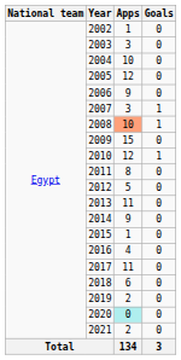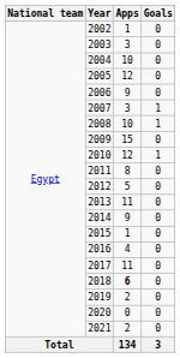 <table class="wikitable" style="text-align:center">
 <tr>
 <th>National team</th>
 <th>Year</th>
 <th>Apps</th>
 <th>Goals</th>
 </tr>
 <tr>
 <td rowspan="20"><a href='#'>Egypt</a></td>
 <td>2002</td>
 <td>1</td>
 <td>0</td>
 </tr>
 <tr>
 <td>2003</td>
 <td>3</td>
 <td>0</td>
 </tr>
 <tr>
 <td>2004</td>
 <td>10</td>
 <td>0</td>
 </tr>
 <tr>
 <td>2005</td>
 <td>12</td>
 <td>0</td>
 </tr>
 <tr>
 <td>2006</td>
 <td>9</td>
 <td>0</td>
 </tr>
 <tr>
 <td>2007</td>
 <td>3</td>
 <td>1</td>
 </tr>
 <tr>
 <td>2008</td>
-<td style="background: lightsalmon;">10</td>
+<td>10</td>
 <td>1</td>
 </tr>
 <tr>
 <td>2009</td>
 <td>15</td>
 <td>0</td>
 </tr>
 <tr>
 <td>2010</td>
 <td>12</td>
 <td>1</td>
 </tr>
 <tr>
 <td>2011</td>
 <td>8</td>
 <td>0</td>
 </tr>
 <tr>
 <td>2012</td>
 <td>5</td>
 <td>0</td>
 </tr>
 <tr>
 <td>2013</td>
 <td>11</td>
 <td>0</td>
 </tr>
 <tr>
 <td>2014</td>
 <td>9</td>
 <td>0</td>
 </tr>
 <tr>
 <td>2015</td>
 <td>1</td>
 <td>0</td>
 </tr>
 <tr>
 <td>2016</td>
 <td>4</td>
 <td>0</td>
 </tr>
 <tr>
 <td>2017</td>
 <td>11</td>
 <td>0</td>
 </tr>
 <tr>
 <td>2018</td>
-<td>6</td>
+<td><strong>6</strong></td>
 <td>0</td>
 </tr>
 <tr>
 <td>2019</td>
 <td>2</td>
 <td>0</td>
 </tr>
 <tr>
 <td>2020</td>
-<td style="background: paleturquoise;">0</td>
+<td>0</td>
 <td>0</td>
 </tr>
 <tr>
 <td>2021</td>
 <td>2</td>
 <td>0</td>
 </tr>
 <tr>
 <th colspan="2">Total</th>
 <th>134</th>
 <th>3</th>
 </tr>
 </table>
